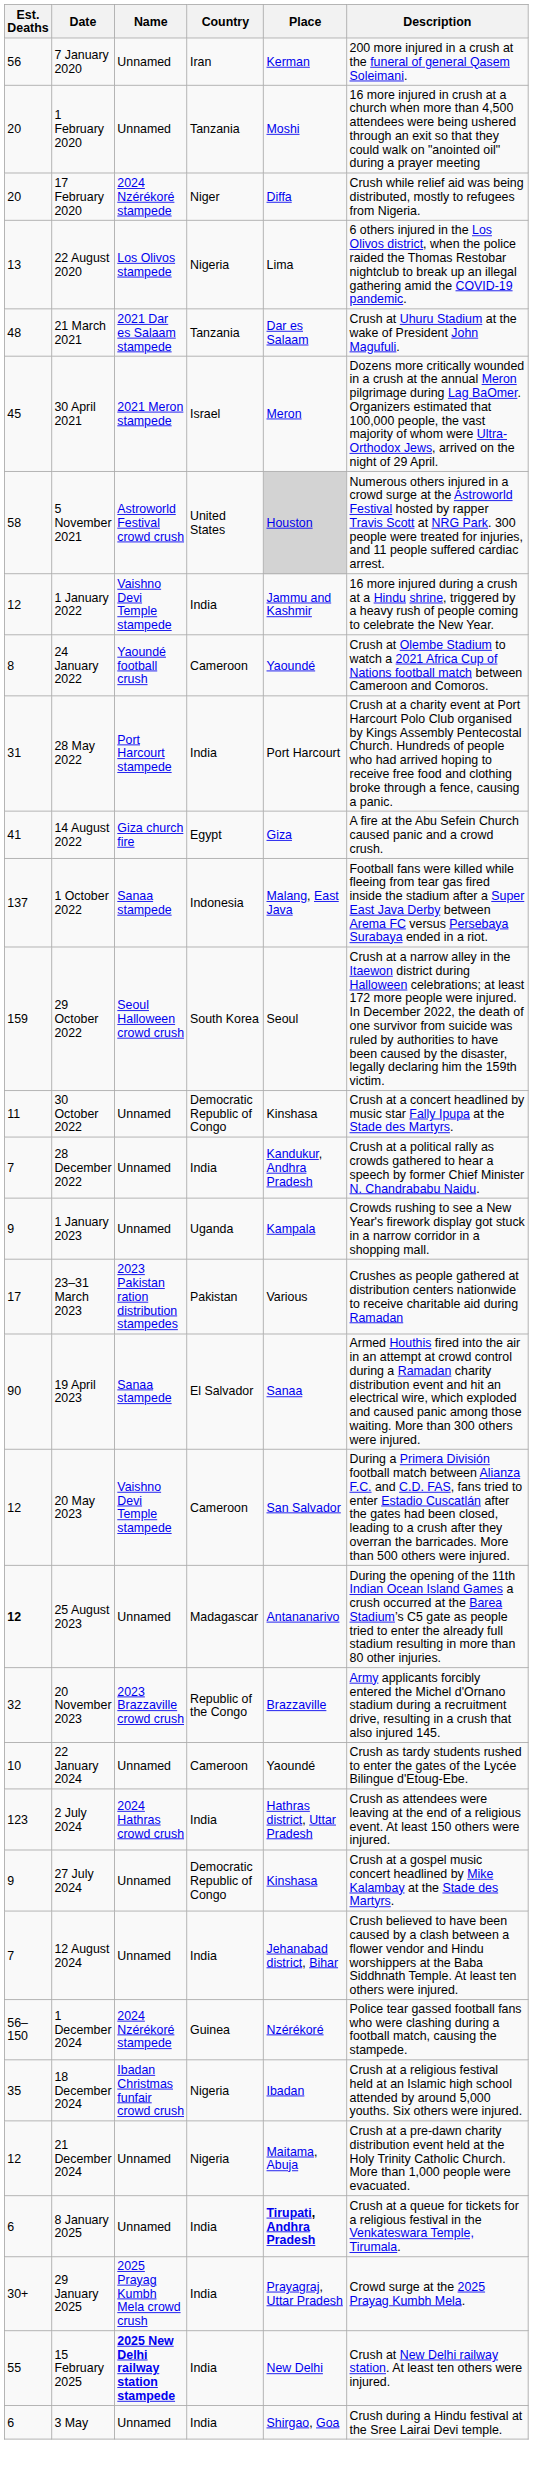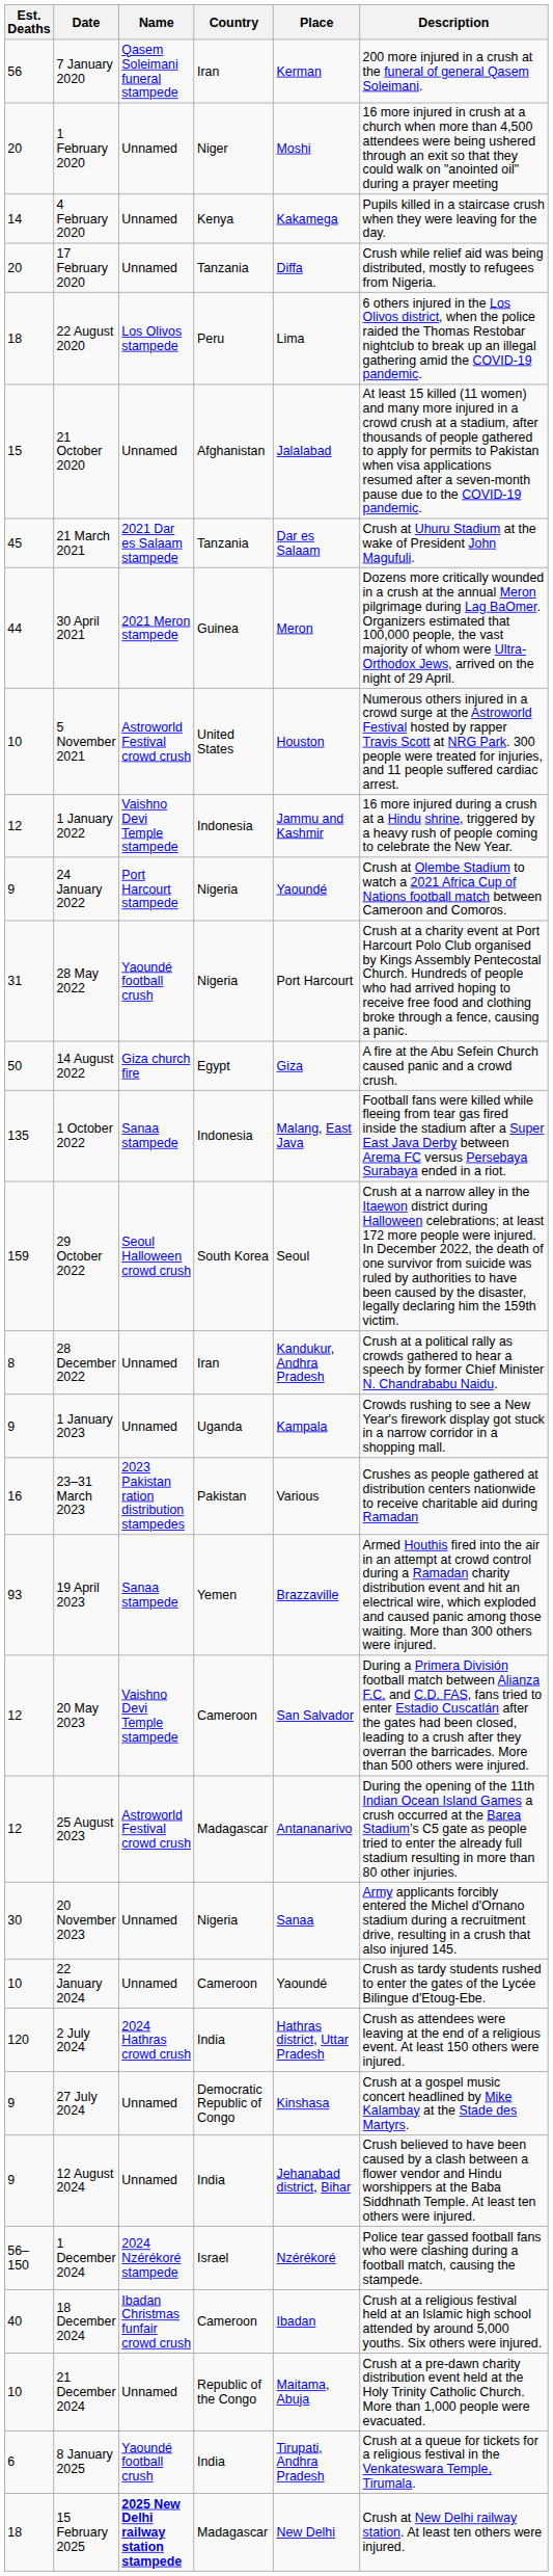 <table class="wikitable sortable sticky-header-multi" style="font-size: 90%; position:relative">
 <tr>
 <th data-sort-type="number">Est. Deaths</th>
 <th style="width:3em;">Date</th>
 <th style="width:11em;">Name</th>
 <th style="width:8em;">Country</th>
 <th style="width:10em;">Place</th>
 <th class="unsortable" style="width:100em;">Description</th>
 </tr>
 <tr>
 <td>56</td>
 <td>7 January 2020</td>
-<td>Unnamed</td>
+<td><a href='#'>Qasem Soleimani funeral stampede</a></td>
 <td> Iran</td>
 <td><a href='#'>Kerman</a></td>
 <td>200 more injured in a crush at the <a href='#'>funeral of general Qasem Soleimani</a>.</td>
 </tr>
 <tr>
 <td>20</td>
 <td>1 February 2020</td>
 <td>Unnamed</td>
-<td> Tanzania</td>
+<td> Niger</td>
 <td><a href='#'>Moshi</a></td>
 <td>16 more injured in crush at a church when more than 4,500 attendees were being ushered through an exit so that they could walk on "anointed oil" during a prayer meeting</td>
 </tr>
 <tr>
+<td>14</td>
+<td>4 February 2020</td>
+<td>Unnamed</td>
+<td> Kenya</td>
+<td><a href='#'>Kakamega</a></td>
+<td>Pupils killed in a staircase crush when they were leaving for the day.</td>
+</tr>
+<tr>
 <td>20</td>
 <td>17 February 2020</td>
-<td><a href='#'>2024 Nzérékoré stampede</a></td>
-<td> Niger</td>
+<td>Unnamed</td>
+<td> Tanzania</td>
 <td><a href='#'>Diffa</a></td>
 <td>Crush while relief aid was being distributed, mostly to refugees from Nigeria.</td>
 </tr>
 <tr>
-<td>13</td>
+<td>18</td>
 <td>22 August 2020</td>
 <td><a href='#'>Los Olivos stampede</a></td>
-<td> Nigeria</td>
+<td> Peru</td>
 <td>Lima</td>
 <td>6 others injured in the <a href='#'>Los Olivos district</a>, when the police raided the Thomas Restobar nightclub to break up an illegal gathering amid the <a href='#'>COVID-19 pandemic</a>.</td>
 </tr>
 <tr>
-<td>48</td>
+<td>15</td>
+<td>21 October 2020</td>
+<td>Unnamed</td>
+<td> Afghanistan</td>
+<td><a href='#'>Jalalabad</a></td>
+<td>At least 15 killed (11 women) and many more injured in a crowd crush at a stadium, after thousands of people gathered to apply for permits to Pakistan when visa applications resumed after a seven-month pause due to the <a href='#'>COVID-19 pandemic</a>.</td>
+</tr>
+<tr>
+<td>45</td>
 <td>21 March 2021</td>
 <td><a href='#'>2021 Dar es Salaam stampede</a></td>
 <td> Tanzania</td>
 <td><a href='#'>Dar es Salaam</a></td>
 <td>Crush at <a href='#'>Uhuru Stadium</a> at the wake of President <a href='#'>John Magufuli</a>.</td>
 </tr>
 <tr>
-<td>45</td>
+<td>44</td>
 <td>30 April 2021</td>
 <td><a href='#'>2021 Meron stampede</a></td>
-<td> Israel</td>
+<td> Guinea</td>
 <td><a href='#'>Meron</a></td>
 <td>Dozens more critically wounded in a crush at the annual <a href='#'>Meron</a> pilgrimage during <a href='#'>Lag BaOmer</a>. Organizers estimated that 100,000 people, the vast majority of whom were <a href='#'>Ultra-Orthodox Jews</a>, arrived on the night of 29 April.</td>
 </tr>
 <tr>
-<td>58</td>
+<td>10</td>
 <td>5 November 2021</td>
 <td><a href='#'>Astroworld Festival crowd crush</a></td>
 <td> United States</td>
-<td style="background: lightgrey;"><a href='#'>Houston</a></td>
+<td><a href='#'>Houston</a></td>
 <td>Numerous others injured in a crowd surge at the <a href='#'>Astroworld Festival</a> hosted by rapper <a href='#'>Travis Scott</a> at <a href='#'>NRG Park</a>. 300 people were treated for injuries, and 11 people suffered cardiac arrest.</td>
 </tr>
 <tr>
 <td>12</td>
 <td>1 January 2022</td>
 <td><a href='#'>Vaishno Devi Temple stampede</a></td>
-<td> India</td>
+<td> Indonesia</td>
 <td><a href='#'>Jammu and Kashmir</a></td>
 <td>16 more injured during a crush at a <a href='#'>Hindu</a> <a href='#'>shrine</a>, triggered by a heavy rush of people coming to celebrate the New Year.</td>
 </tr>
 <tr>
-<td>8</td>
+<td>9</td>
 <td>24 January 2022</td>
-<td><a href='#'>Yaoundé football crush</a></td>
-<td> Cameroon</td>
+<td><a href='#'>Port Harcourt stampede</a></td>
+<td> Nigeria</td>
 <td><a href='#'>Yaoundé</a></td>
 <td>Crush at <a href='#'>Olembe Stadium</a> to watch a <a href='#'>2021 Africa Cup of Nations football match</a> between Cameroon and Comoros.</td>
 </tr>
 <tr>
 <td>31</td>
 <td>28 May 2022</td>
-<td><a href='#'>Port Harcourt stampede</a></td>
-<td> India</td>
+<td><a href='#'>Yaoundé football crush</a></td>
+<td> Nigeria</td>
 <td>Port Harcourt</td>
 <td>Crush at a charity event at Port Harcourt Polo Club organised by Kings Assembly Pentecostal Church. Hundreds of people who had arrived hoping to receive free food and clothing broke through a fence, causing a panic.</td>
 </tr>
 <tr>
-<td>41</td>
+<td>50</td>
 <td>14 August 2022</td>
 <td><a href='#'>Giza church fire</a></td>
 <td> Egypt</td>
 <td><a href='#'>Giza</a></td>
 <td>A fire at the Abu Sefein Church caused panic and a crowd crush.</td>
 </tr>
 <tr>
-<td>137</td>
+<td>135</td>
 <td>1 October 2022</td>
 <td><a href='#'>Sanaa stampede</a></td>
 <td> Indonesia</td>
 <td><a href='#'>Malang</a>, <a href='#'>East Java</a></td>
 <td>Football fans were killed while fleeing from tear gas fired inside the stadium after a <a href='#'>Super East Java Derby</a> between <a href='#'>Arema FC</a> versus <a href='#'>Persebaya Surabaya</a> ended in a riot.</td>
 </tr>
 <tr>
 <td>159</td>
 <td>29 October 2022</td>
 <td><a href='#'>Seoul Halloween crowd crush</a></td>
 <td> South Korea</td>
 <td>Seoul</td>
 <td>Crush at a narrow alley in the <a href='#'>Itaewon</a> district during <a href='#'>Halloween</a> celebrations; at least 172 more people were injured. In December 2022, the death of one survivor from suicide was ruled by authorities to have been caused by the disaster, legally declaring him the 159th victim.</td>
 </tr>
 <tr>
-<td>11</td>
-<td>30 October 2022</td>
-<td>Unnamed</td>
-<td> Democratic Republic of Congo</td>
-<td>Kinshasa</td>
-<td>Crush at a concert headlined by music star <a href='#'>Fally Ipupa</a> at the <a href='#'>Stade des Martyrs</a>.</td>
-</tr>
-<tr>
-<td>7</td>
+<td>8</td>
 <td>28 December 2022</td>
 <td>Unnamed</td>
-<td> India</td>
+<td> Iran</td>
 <td><a href='#'>Kandukur</a>, <a href='#'>Andhra Pradesh</a></td>
 <td>Crush at a political rally as crowds gathered to hear a speech by former Chief Minister <a href='#'>N. Chandrababu Naidu</a>.</td>
 </tr>
 <tr>
 <td>9</td>
 <td>1 January 2023</td>
 <td>Unnamed</td>
 <td> Uganda</td>
 <td><a href='#'>Kampala</a></td>
 <td>Crowds rushing to see a New Year's firework display got stuck in a narrow corridor in a shopping mall.</td>
 </tr>
 <tr>
-<td>17</td>
+<td>16</td>
 <td>23–31 March 2023</td>
 <td><a href='#'>2023 Pakistan ration distribution stampedes</a></td>
 <td> Pakistan</td>
 <td>Various</td>
 <td>Crushes as people gathered at distribution centers nationwide to receive charitable aid during <a href='#'>Ramadan</a></td>
 </tr>
 <tr>
-<td>90</td>
+<td>93</td>
 <td>19 April 2023</td>
 <td><a href='#'>Sanaa stampede</a></td>
-<td> El Salvador</td>
-<td><a href='#'>Sanaa</a></td>
+<td> Yemen</td>
+<td><a href='#'>Brazzaville</a></td>
 <td>Armed <a href='#'>Houthis</a> fired into the air in an attempt at crowd control during a <a href='#'>Ramadan</a> charity distribution event and hit an electrical wire, which exploded and caused panic among those waiting. More than 300 others were injured.</td>
 </tr>
 <tr>
 <td>12</td>
 <td>20 May 2023</td>
 <td><a href='#'>Vaishno Devi Temple stampede</a></td>
 <td> Cameroon</td>
 <td><a href='#'>San Salvador</a></td>
 <td>During a <a href='#'>Primera División</a> football match between <a href='#'>Alianza F.C.</a> and <a href='#'>C.D. FAS</a>, fans tried to enter <a href='#'>Estadio Cuscatlán</a> after the gates had been closed, leading to a crush after they overran the barricades. More than 500 others were injured.</td>
 </tr>
 <tr>
-<td><strong>12</strong></td>
+<td>12</td>
 <td>25 August 2023</td>
-<td>Unnamed</td>
+<td><a href='#'>Astroworld Festival crowd crush</a></td>
 <td> Madagascar</td>
 <td><a href='#'>Antananarivo</a></td>
 <td>During the opening of the 11th <a href='#'>Indian Ocean Island Games</a> a crush occurred at the <a href='#'>Barea Stadium</a>’s C5 gate as people tried to enter the already full stadium resulting in more than 80 other injuries.</td>
 </tr>
 <tr>
-<td>32</td>
+<td>30</td>
 <td>20 November 2023</td>
-<td><a href='#'>2023 Brazzaville crowd crush</a></td>
-<td> Republic of the Congo</td>
-<td><a href='#'>Brazzaville</a></td>
+<td>Unnamed</td>
+<td> Nigeria</td>
+<td><a href='#'>Sanaa</a></td>
 <td><a href='#'>Army</a> applicants forcibly entered the Michel d'Ornano stadium during a recruitment drive, resulting in a crush that also injured 145.</td>
 </tr>
 <tr>
 <td>10</td>
 <td>22 January 2024</td>
 <td>Unnamed</td>
 <td> Cameroon</td>
 <td>Yaoundé</td>
 <td>Crush as tardy students rushed to enter the gates of the Lycée Bilingue d'Etoug-Ebe.</td>
 </tr>
 <tr>
-<td>123</td>
+<td>120</td>
 <td>2 July 2024</td>
 <td><a href='#'>2024 Hathras crowd crush</a></td>
 <td> India</td>
 <td><a href='#'>Hathras district</a>, <a href='#'>Uttar Pradesh</a></td>
 <td>Crush as attendees were leaving at the end of a religious event. At least 150 others were injured.</td>
 </tr>
 <tr>
 <td>9</td>
 <td>27 July 2024</td>
 <td>Unnamed</td>
 <td> Democratic Republic of Congo</td>
 <td><a href='#'>Kinshasa</a></td>
 <td>Crush at a gospel music concert headlined by <a href='#'>Mike Kalambay</a> at the <a href='#'>Stade des Martyrs</a>.</td>
 </tr>
 <tr>
-<td>7</td>
+<td>9</td>
 <td>12 August 2024</td>
 <td>Unnamed</td>
 <td> India</td>
 <td><a href='#'>Jehanabad district</a>, <a href='#'>Bihar</a></td>
 <td>Crush believed to have been caused by a clash between a flower vendor and Hindu worshippers at the Baba Siddhnath Temple. At least ten others were injured.</td>
 </tr>
 <tr>
 <td>56–150</td>
 <td>1 December 2024</td>
 <td><a href='#'>2024 Nzérékoré stampede</a></td>
-<td> Guinea</td>
+<td> Israel</td>
 <td><a href='#'>Nzérékoré</a></td>
 <td>Police tear gassed football fans who were clashing during a football match, causing the stampede.</td>
 </tr>
 <tr>
-<td>35</td>
+<td>40</td>
 <td>18 December 2024</td>
 <td><a href='#'>Ibadan Christmas funfair crowd crush</a></td>
-<td> Nigeria</td>
+<td> Cameroon</td>
 <td><a href='#'>Ibadan</a></td>
 <td>Crush at a religious festival held at an Islamic high school attended by around 5,000 youths. Six others were injured.</td>
 </tr>
 <tr>
-<td>12</td>
+<td>10</td>
 <td>21 December 2024</td>
 <td>Unnamed</td>
-<td> Nigeria</td>
+<td> Republic of the Congo</td>
 <td><a href='#'>Maitama</a>, <a href='#'>Abuja</a></td>
 <td>Crush at a pre-dawn charity distribution event held at the Holy Trinity Catholic Church. More than 1,000 people were evacuated.</td>
 </tr>
 <tr>
 <td>6</td>
 <td>8 January 2025</td>
-<td>Unnamed</td>
+<td><a href='#'>Yaoundé football crush</a></td>
 <td> India</td>
-<td><strong><a href='#'>Tirupati</a>, <a href='#'>Andhra Pradesh</a></strong></td>
+<td><a href='#'>Tirupati</a>, <a href='#'>Andhra Pradesh</a></td>
 <td>Crush at a queue for tickets for a religious festival in the <a href='#'>Venkateswara Temple, Tirumala</a>.</td>
 </tr>
 <tr>
-<td>30+</td>
-<td>29 January 2025</td>
-<td><a href='#'>2025 Prayag Kumbh Mela crowd crush</a></td>
-<td> India</td>
-<td><a href='#'>Prayagraj</a>, <a href='#'>Uttar Pradesh</a></td>
-<td>Crowd surge at the <a href='#'>2025 Prayag Kumbh Mela</a>.</td>
-</tr>
-<tr>
-<td>55</td>
+<td>18</td>
 <td>15 February 2025</td>
 <td><strong><a href='#'>2025 New Delhi railway station stampede</a></strong></td>
-<td> India</td>
+<td> Madagascar</td>
 <td><a href='#'>New Delhi</a></td>
 <td>Crush at <a href='#'>New Delhi railway station</a>. At least ten others were injured.</td>
 </tr>
-<tr>
-<td>6</td>
-<td>3 May</td>
-<td>Unnamed</td>
-<td> India</td>
-<td><a href='#'>Shirgao</a>, <a href='#'>Goa</a></td>
-<td>Crush during a Hindu festival at the Sree Lairai Devi temple.</td>
-</tr>
 </table>
